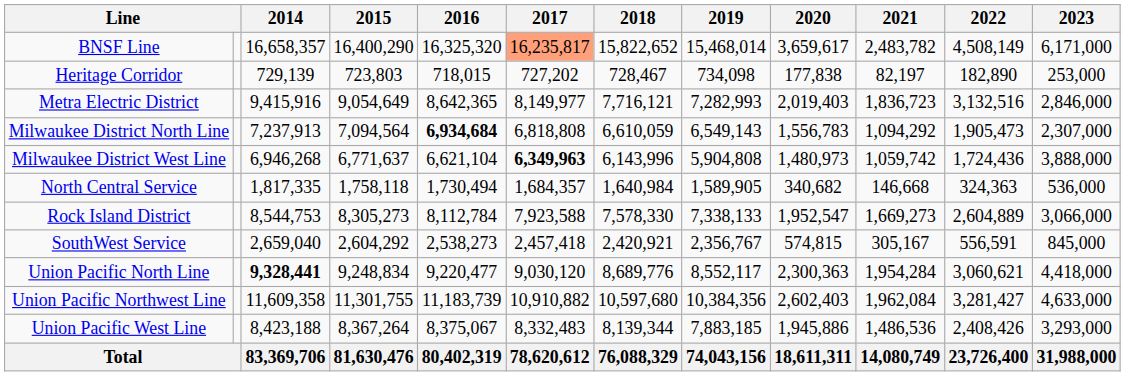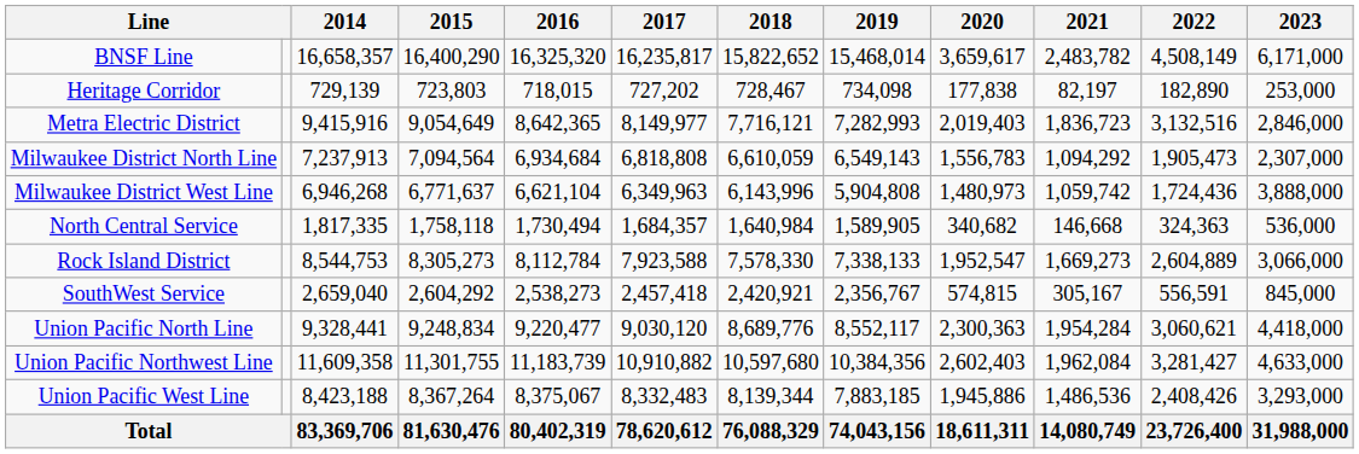 <table class="wikitable sortable" style="text-align:center">
 <tr>
 <th colspan=2>Line</th>
 <th>2014</th>
 <th>2015</th>
 <th>2016</th>
 <th>2017</th>
 <th>2018</th>
 <th>2019</th>
 <th>2020</th>
 <th>2021</th>
 <th>2022</th>
 <th>2023</th>
 </tr>
 <tr>
 <td><a href='#'>BNSF Line</a></td>
 <td style="background:#"></td>
 <td>16,658,357</td>
 <td>16,400,290</td>
 <td>16,325,320</td>
-<td style="background: lightsalmon;">16,235,817</td>
+<td>16,235,817</td>
 <td>15,822,652</td>
 <td>15,468,014</td>
 <td>3,659,617</td>
 <td>2,483,782</td>
 <td>4,508,149</td>
 <td>6,171,000</td>
 </tr>
 <tr>
 <td><a href='#'>Heritage Corridor</a></td>
 <td style="background:#"></td>
 <td>729,139</td>
 <td>723,803</td>
 <td>718,015</td>
 <td>727,202</td>
 <td>728,467</td>
 <td>734,098</td>
 <td>177,838</td>
 <td>82,197</td>
 <td>182,890</td>
 <td>253,000</td>
 </tr>
 <tr>
 <td><a href='#'>Metra Electric District</a></td>
 <td style="background:#"></td>
 <td>9,415,916</td>
 <td>9,054,649</td>
 <td>8,642,365</td>
 <td>8,149,977</td>
 <td>7,716,121</td>
 <td>7,282,993</td>
 <td>2,019,403</td>
 <td>1,836,723</td>
 <td>3,132,516</td>
 <td>2,846,000</td>
 </tr>
 <tr>
 <td><a href='#'>Milwaukee District North Line</a></td>
 <td style="background:#"></td>
 <td>7,237,913</td>
 <td>7,094,564</td>
-<td><strong>6,934,684</strong></td>
+<td>6,934,684</td>
 <td>6,818,808</td>
 <td>6,610,059</td>
 <td>6,549,143</td>
 <td>1,556,783</td>
 <td>1,094,292</td>
 <td>1,905,473</td>
 <td>2,307,000</td>
 </tr>
 <tr>
 <td><a href='#'>Milwaukee District West Line</a></td>
 <td style="background:#"></td>
 <td>6,946,268</td>
 <td>6,771,637</td>
 <td>6,621,104</td>
-<td><strong>6,349,963</strong></td>
+<td>6,349,963</td>
 <td>6,143,996</td>
 <td>5,904,808</td>
 <td>1,480,973</td>
 <td>1,059,742</td>
 <td>1,724,436</td>
 <td>3,888,000</td>
 </tr>
 <tr>
 <td><a href='#'>North Central Service</a></td>
 <td style="background:#"></td>
 <td>1,817,335</td>
 <td>1,758,118</td>
 <td>1,730,494</td>
 <td>1,684,357</td>
 <td>1,640,984</td>
 <td>1,589,905</td>
 <td>340,682</td>
 <td>146,668</td>
 <td>324,363</td>
 <td>536,000</td>
 </tr>
 <tr>
 <td><a href='#'>Rock Island District</a></td>
 <td style="background:#"></td>
 <td>8,544,753</td>
 <td>8,305,273</td>
 <td>8,112,784</td>
 <td>7,923,588</td>
 <td>7,578,330</td>
 <td>7,338,133</td>
 <td>1,952,547</td>
 <td>1,669,273</td>
 <td>2,604,889</td>
 <td>3,066,000</td>
 </tr>
 <tr>
 <td><a href='#'>SouthWest Service</a></td>
 <td style="background:#"></td>
 <td>2,659,040</td>
 <td>2,604,292</td>
 <td>2,538,273</td>
 <td>2,457,418</td>
 <td>2,420,921</td>
 <td>2,356,767</td>
 <td>574,815</td>
 <td>305,167</td>
 <td>556,591</td>
 <td>845,000</td>
 </tr>
 <tr>
 <td><a href='#'>Union Pacific North Line</a></td>
 <td style="background:#"></td>
-<td><strong>9,328,441</strong></td>
+<td>9,328,441</td>
 <td>9,248,834</td>
 <td>9,220,477</td>
 <td>9,030,120</td>
 <td>8,689,776</td>
 <td>8,552,117</td>
 <td>2,300,363</td>
 <td>1,954,284</td>
 <td>3,060,621</td>
 <td>4,418,000</td>
 </tr>
 <tr>
 <td><a href='#'>Union Pacific Northwest Line</a></td>
 <td style="background:#"></td>
 <td>11,609,358</td>
 <td>11,301,755</td>
 <td>11,183,739</td>
 <td>10,910,882</td>
 <td>10,597,680</td>
 <td>10,384,356</td>
 <td>2,602,403</td>
 <td>1,962,084</td>
 <td>3,281,427</td>
 <td>4,633,000</td>
 </tr>
 <tr>
 <td><a href='#'>Union Pacific West Line</a></td>
 <td style="background:#"></td>
 <td>8,423,188</td>
 <td>8,367,264</td>
 <td>8,375,067</td>
 <td>8,332,483</td>
 <td>8,139,344</td>
 <td>7,883,185</td>
 <td>1,945,886</td>
 <td>1,486,536</td>
 <td>2,408,426</td>
 <td>3,293,000</td>
 </tr>
 <tr>
 <th colspan=2>Total</th>
 <th>83,369,706</th>
 <th>81,630,476</th>
 <th>80,402,319</th>
 <th>78,620,612</th>
 <th>76,088,329</th>
 <th>74,043,156</th>
 <th>18,611,311</th>
 <th>14,080,749</th>
 <th>23,726,400</th>
 <th>31,988,000</th>
 </tr>
 </table>
